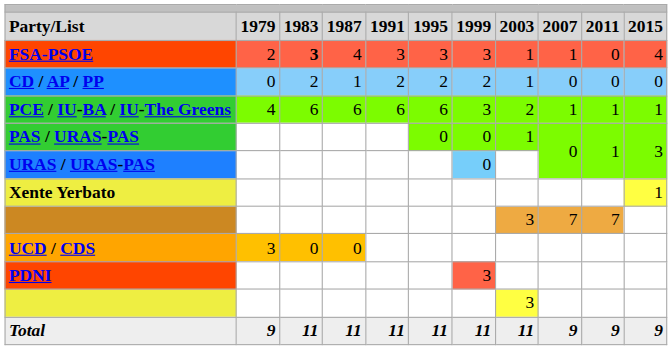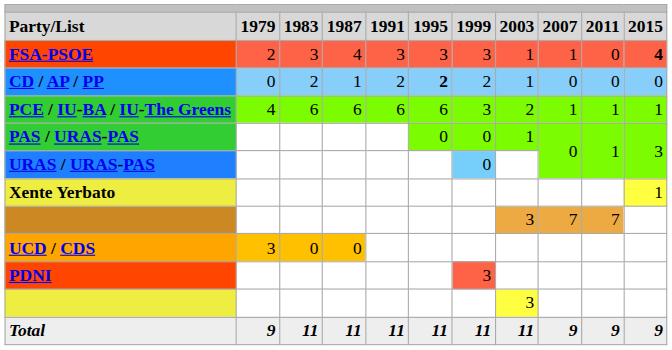 <table class="wikitable" style="margin:0 auto">
 <tr>
 <td colspan="11" width="600px" bgcolor="#C0C0C0"></td>
 </tr>
 <tr bgcolor="#D8D8D8">
 <td><strong>Party/List</strong></td>
 <td align="right"><strong>1979</strong></td>
 <td align="right"><strong>1983</strong></td>
 <td align="right"><strong>1987</strong></td>
 <td align="right"><strong>1991</strong></td>
 <td align="right"><strong>1995</strong></td>
 <td align="right"><strong>1999</strong></td>
 <td align="right"><strong>2003</strong></td>
 <td align="right"><strong>2007</strong></td>
 <td align="right"><strong>2011</strong></td>
 <td align="right"><strong>2015</strong></td>
 </tr>
 <tr>
 <td bgcolor="#FF4500"><strong><a href='#'>FSA-PSOE</a></strong></td>
 <td bgcolor="#FF6347" align="right">2</td>
-<td bgcolor="#FF6347" align="right"><strong>3</strong></td>
+<td bgcolor="#FF6347" align="right">3</td>
 <td bgcolor="#FF6347" align="right">4</td>
 <td bgcolor="#FF6347" align="right">3</td>
 <td bgcolor="#FF6347" align="right">3</td>
 <td bgcolor="#FF6347" align="right">3</td>
 <td bgcolor="#FF6347" align="right">1</td>
 <td bgcolor="#FF6347" align="right">1</td>
 <td bgcolor="#FF6347" align="right">0</td>
-<td bgcolor="#FF6347" align="right">4</td>
+<td bgcolor="#FF6347" align="right"><strong>4</strong></td>
 </tr>
 <tr>
 <td bgcolor="#1E90FF"><strong><a href='#'>CD</a> / <a href='#'>AP</a> / <a href='#'>PP</a></strong></td>
 <td bgcolor="#87CEFA" align="right">0</td>
 <td bgcolor="#87CEFA" align="right">2</td>
 <td bgcolor="#87CEFA" align="right">1</td>
 <td bgcolor="#87CEFA" align="right">2</td>
-<td bgcolor="#87CEFA" align="right">2</td>
+<td bgcolor="#87CEFA" align="right"><strong>2</strong></td>
 <td bgcolor="#87CEFA" align="right">2</td>
 <td bgcolor="#87CEFA" align="right">1</td>
 <td bgcolor="#87CEFA" align="right">0</td>
 <td bgcolor="#87CEFA" align="right">0</td>
 <td bgcolor="#87CEFA" align="right">0</td>
 </tr>
 <tr>
 <td bgcolor="#32CD32"><strong><a href='#'>PCE</a> / <a href='#'>IU</a>-<a href='#'>BA</a> / <a href='#'>IU</a>-<a href='#'>The Greens</a></strong></td>
 <td bgcolor="#7CFC00" align="right">4</td>
 <td bgcolor="#7CFC00" align="right">6</td>
 <td bgcolor="#7CFC00" align="right">6</td>
 <td bgcolor="#7CFC00" align="right">6</td>
 <td bgcolor="#7CFC00" align="right">6</td>
 <td bgcolor="#7CFC00" align="right">3</td>
 <td bgcolor="#7CFC00" align="right">2</td>
 <td bgcolor="#7CFC00" align="right">1</td>
 <td bgcolor="#7CFC00" align="right">1</td>
 <td bgcolor="#7CFC00" align="right">1</td>
 </tr>
 <tr>
 <td bgcolor="#32CD32"><strong><a href='#'>PAS</a> / <a href='#'>URAS</a>-<a href='#'>PAS</a></strong></td>
 <td bgcolor="#FFFFFF" align="right"></td>
 <td bgcolor="#FFFFFF" align="right"></td>
 <td bgcolor="#FFFFFF" align="right"></td>
 <td bgcolor="#FFFFFF" align="right"></td>
 <td bgcolor="#7CFC00" align="right">0</td>
 <td bgcolor="#7CFC00" align="right">0</td>
 <td bgcolor="#7CFC00" align="right">1</td>
 <td bgcolor="#7CFC00" align="right" rowspan="2">0</td>
 <td bgcolor="#7CFC00" align="right" rowspan="2">1</td>
 <td bgcolor="#7CFC00" align="right" rowspan="2">3</td>
 </tr>
 <tr>
 <td bgcolor="#1E80FF"><strong><a href='#'>URAS</a> / <a href='#'>URAS</a>-<a href='#'>PAS</a></strong></td>
 <td bgcolor="#FFFFFF" align="right"></td>
 <td bgcolor="#FFFFFF" align="right"></td>
 <td bgcolor="#FFFFFF" align="right"></td>
 <td bgcolor="#FFFFFF" align="right"></td>
 <td bgcolor="#FFFFFF" align="right"></td>
 <td bgcolor="#76CEFA" align="right">0</td>
 <td bgcolor="#FFFFFF" align="right"><br> </td>
 </tr>
 <tr>
 <td bgcolor="#EEEE42"><strong>Xente Yerbato</strong></td>
 <td bgcolor="#FFFFFF" align="right"></td>
 <td bgcolor="#FFFFFF" align="right"></td>
 <td bgcolor="#FFFFFF" align="right"></td>
 <td bgcolor="#FFFFFF" align="right"></td>
 <td bgcolor="#FFFFFF" align="right"></td>
 <td bgcolor="#FFFFFF" align="right"></td>
 <td bgcolor="#FFFFFF" align="right"></td>
 <td bgcolor="#FFFFFF" align="right"></td>
 <td bgcolor="#FFFFFF" align="right"></td>
 <td bgcolor="#FFFF42" align="right">1</td>
 </tr>
 <tr>
 <td bgcolor="#CC8822"><strong></strong></td>
 <td bgcolor="#FFFFFF" align="right"></td>
 <td bgcolor="#FFFFFF" align="right"></td>
 <td bgcolor="#FFFFFF" align="right"></td>
 <td bgcolor="#FFFFFF" align="right"></td>
 <td bgcolor="#FFFFFF" align="right"></td>
 <td bgcolor="#FFFFFF" align="right"></td>
 <td bgcolor="#EEAA42" align="right">3</td>
 <td bgcolor="#EEAA42" align="right">7</td>
 <td bgcolor="#EEAA42" align="right">7</td>
 <td bgcolor="#FFFFFF" align="right"></td>
 </tr>
 <tr>
 <td bgcolor="#FFA500"><strong><a href='#'>UCD</a> / <a href='#'>CDS</a></strong></td>
 <td bgcolor="#ffC000" align="right">3</td>
 <td bgcolor="#ffC000" align="right">0</td>
 <td bgcolor="#ffC000" align="right">0</td>
 <td bgcolor="#FFFFFF" align="right"></td>
 <td bgcolor="#FFFFFF" align="right"></td>
 <td bgcolor="#FFFFFF" align="right"></td>
 <td bgcolor="#FFFFFF" align="right"></td>
 <td bgcolor="#FFFFFF" align="right"></td>
 <td bgcolor="#FFFFFF" align="right"></td>
 <td bgcolor="#FFFFFF" align="right"></td>
 </tr>
 <tr>
 <td bgcolor="#FF4500"><strong><a href='#'>PDNI</a></strong></td>
 <td bgcolor="#FFFFFF" align="right"></td>
 <td bgcolor="#FFFFFF" align="right"></td>
 <td bgcolor="#FFFFFF" align="right"></td>
 <td bgcolor="#FFFFFF" align="right"></td>
 <td bgcolor="#FFFFFF" align="right"></td>
 <td bgcolor="#FF6347" align="right">3</td>
 <td bgcolor="#FFFFFF" align="right"></td>
 <td bgcolor="#FFFFFF" align="right"></td>
 <td bgcolor="#FFFFFF" align="right"></td>
 <td bgcolor="#FFFFFF" align="right"></td>
 </tr>
 <tr>
 <td bgcolor="#EEEE42"><strong></strong></td>
 <td bgcolor="#FFFFFF" align="right"></td>
 <td bgcolor="#FFFFFF" align="right"></td>
 <td bgcolor="#FFFFFF" align="right"></td>
 <td bgcolor="#FFFFFF" align="right"></td>
 <td bgcolor="#FFFFFF" align="right"></td>
 <td bgcolor="#FFFFFF" align="right"></td>
 <td bgcolor="#FFFF42" align="right">3</td>
 <td bgcolor="#FFFFFF" align="right"></td>
 <td bgcolor="#FFFFFF" align="right"></td>
 <td bgcolor="#FFFFFF" align="right"></td>
 </tr>
 <tr bgcolor="#EEEEEE">
 <td><strong><em>Total</em></strong></td>
 <td align="right"><strong><em>9</em></strong></td>
 <td align="right"><strong><em>11</em></strong></td>
 <td align="right"><strong><em>11</em></strong></td>
 <td align="right"><strong><em>11</em></strong></td>
 <td align="right"><strong><em>11</em></strong></td>
 <td align="right"><strong><em>11</em></strong></td>
 <td align="right"><strong><em>11</em></strong></td>
 <td align="right"><strong><em>9</em></strong></td>
 <td align="right"><strong><em>9</em></strong></td>
 <td align="right"><strong><em>9</em></strong></td>
 </tr>
 </table>
